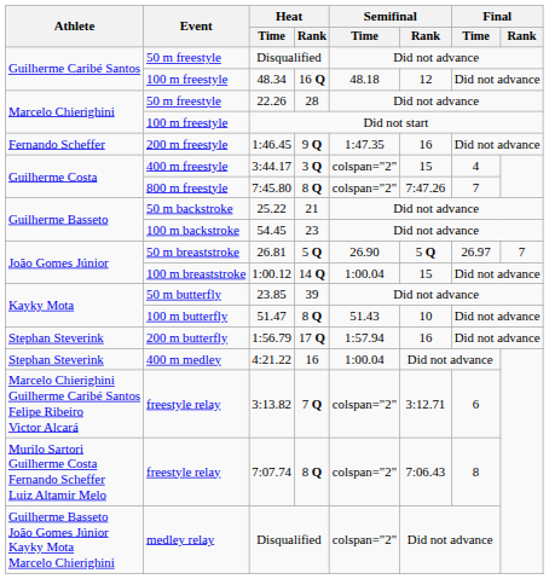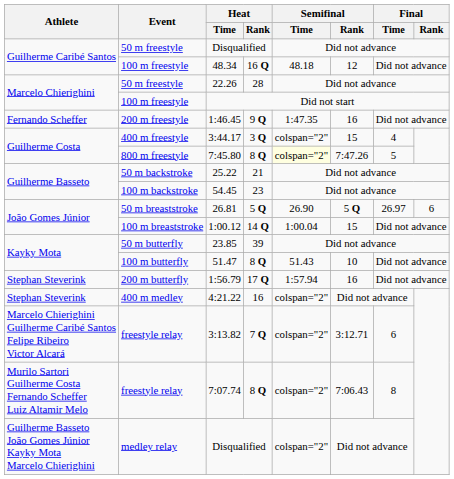 <table class=wikitable style="font-size:90%">
 <tr>
 <th rowspan="2">Athlete</th>
 <th rowspan="2">Event</th>
 <th colspan="2">Heat</th>
 <th colspan="2">Semifinal</th>
 <th colspan="2">Final</th>
 </tr>
 <tr style="font-size:95%">
 <th>Time</th>
 <th>Rank</th>
 <th>Time</th>
 <th>Rank</th>
 <th>Time</th>
 <th>Rank</th>
 </tr>
 <tr align=center>
 <td align=left rowspan="2"><a href='#'>Guilherme Caribé Santos</a></td>
 <td align=left><a href='#'>50 m freestyle</a></td>
 <td colspan="2">Disqualified</td>
 <td colspan="4">Did not advance</td>
 </tr>
 <tr align=center>
 <td align=left><a href='#'>100 m freestyle</a></td>
 <td>48.34</td>
 <td>16 <strong>Q</strong></td>
 <td>48.18</td>
 <td>12</td>
 <td colspan="2">Did not advance</td>
 </tr>
 <tr align=center>
 <td align=left rowspan="2"><a href='#'>Marcelo Chierighini</a></td>
 <td align=left><a href='#'>50 m freestyle</a></td>
 <td>22.26</td>
 <td>28</td>
 <td colspan="4">Did not advance</td>
 </tr>
 <tr align=center>
 <td align=left><a href='#'>100 m freestyle</a></td>
 <td colspan="6">Did not start</td>
 </tr>
 <tr align=center>
 <td align=left><a href='#'>Fernando Scheffer</a></td>
 <td align=left><a href='#'>200 m freestyle</a></td>
 <td>1:46.45</td>
 <td>9 <strong>Q</strong></td>
 <td>1:47.35</td>
 <td>16</td>
 <td colspan="2">Did not advance</td>
 </tr>
 <tr align=center>
 <td align=left rowspan="2"><a href='#'>Guilherme Costa</a></td>
 <td align=left><a href='#'>400 m freestyle</a></td>
 <td>3:44.17</td>
 <td>3 <strong>Q</strong></td>
 <td>colspan="2" </td>
 <td>15</td>
 <td>4</td>
 </tr>
 <tr align=center>
 <td align=left><a href='#'>800 m freestyle</a></td>
 <td>7:45.80</td>
 <td>8 <strong>Q</strong></td>
-<td>colspan="2" </td>
+<td style="background: lightyellow;">colspan="2" </td>
 <td>7:47.26</td>
-<td>7</td>
+<td>5</td>
 </tr>
 <tr align=center>
 <td align=left rowspan="2"><a href='#'>Guilherme Basseto</a></td>
 <td align=left><a href='#'>50 m backstroke</a></td>
 <td>25.22</td>
 <td>21</td>
 <td colspan="4">Did not advance</td>
 </tr>
 <tr align=center>
 <td align=left><a href='#'>100 m backstroke</a></td>
 <td>54.45</td>
 <td>23</td>
 <td colspan="4">Did not advance</td>
 </tr>
 <tr align=center>
 <td align=left rowspan="2"><a href='#'>João Gomes Júnior</a></td>
 <td align=left><a href='#'>50 m breaststroke</a></td>
 <td>26.81</td>
 <td>5 <strong>Q</strong></td>
 <td>26.90</td>
 <td>5 <strong>Q</strong></td>
 <td>26.97</td>
-<td>7</td>
+<td>6</td>
 </tr>
 <tr align=center>
 <td align=left><a href='#'>100 m breaststroke</a></td>
 <td>1:00.12</td>
 <td>14 <strong>Q</strong></td>
 <td>1:00.04</td>
 <td>15</td>
 <td colspan="2">Did not advance</td>
 </tr>
 <tr align=center>
 <td align=left rowspan="2"><a href='#'>Kayky Mota</a></td>
 <td align=left><a href='#'>50 m butterfly</a></td>
 <td>23.85</td>
 <td>39</td>
 <td colspan="4">Did not advance</td>
 </tr>
 <tr align=center>
 <td align=left><a href='#'>100 m butterfly</a></td>
 <td>51.47</td>
 <td>8 <strong>Q</strong></td>
 <td>51.43</td>
 <td>10</td>
 <td colspan="2">Did not advance</td>
 </tr>
 <tr align=center>
 <td align=left><a href='#'>Stephan Steverink</a></td>
 <td align=left><a href='#'>200 m butterfly</a></td>
 <td>1:56.79</td>
 <td>17 <strong>Q</strong></td>
 <td>1:57.94</td>
 <td>16</td>
 <td colspan="2">Did not advance</td>
 </tr>
 <tr align=center>
 <td align=left><a href='#'>Stephan Steverink</a></td>
 <td align=left><a href='#'>400 m medley</a></td>
 <td>4:21.22</td>
 <td>16</td>
-<td>1:00.04</td>
+<td>colspan="2" </td>
 <td colspan="2">Did not advance</td>
 </tr>
 <tr align=center>
 <td align=left><a href='#'>Marcelo Chierighini</a><br> <a href='#'>Guilherme Caribé Santos</a><br> <a href='#'>Felipe Ribeiro</a><br> <a href='#'>Victor Alcará</a></td>
 <td align=left><a href='#'> freestyle relay</a></td>
 <td>3:13.82</td>
 <td>7 <strong>Q</strong></td>
 <td>colspan="2" </td>
 <td>3:12.71</td>
 <td>6</td>
 </tr>
 <tr align=center>
 <td align=left><a href='#'>Murilo Sartori</a><br> <a href='#'>Guilherme Costa</a><br> <a href='#'>Fernando Scheffer</a><br> <a href='#'>Luiz Altamir Melo</a></td>
 <td align=left><a href='#'> freestyle relay</a></td>
 <td>7:07.74</td>
 <td>8 <strong>Q</strong></td>
 <td>colspan="2" </td>
 <td>7:06.43</td>
 <td>8</td>
 </tr>
 <tr align=center>
 <td align=left><a href='#'>Guilherme Basseto</a><br> <a href='#'>João Gomes Júnior</a><br> <a href='#'>Kayky Mota</a><br> <a href='#'>Marcelo Chierighini</a></td>
 <td align=left><a href='#'> medley relay</a></td>
 <td colspan=2>Disqualified</td>
 <td>colspan="2" </td>
 <td colspan=2>Did not advance</td>
 </tr>
 </table>
